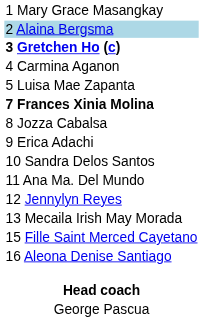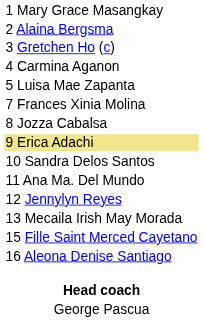 <table style="text-align: center; margin-top: 2em; margin-left: auto; margin-right: auto">
 <tr align=left>
 <td>1 Mary Grace Masangkay</td>
 </tr>
 <tr align=left>
-<td style="background: lightblue;">2 <a href='#'>Alaina Bergsma</a> </td>
+<td>2 <a href='#'>Alaina Bergsma</a> </td>
 </tr>
 <tr align=left>
-<td><strong>3 <a href='#'>Gretchen Ho</a> (<a href='#'>c</a>)</strong></td>
+<td>3 <a href='#'>Gretchen Ho</a> (<a href='#'>c</a>)</td>
 </tr>
 <tr align=left>
 <td>4 Carmina Aganon</td>
 </tr>
 <tr align=left>
 <td>5 Luisa Mae Zapanta</td>
 </tr>
 <tr align=left>
-<td><strong>7 Frances Xinia Molina</strong></td>
+<td>7 Frances Xinia Molina</td>
 </tr>
 <tr align=left>
 <td>8 Jozza Cabalsa</td>
 </tr>
 <tr align=left>
-<td>9 Erica Adachi </td>
+<td style="background: khaki;">9 Erica Adachi </td>
 </tr>
 <tr align=left>
 <td>10 Sandra Delos Santos</td>
 </tr>
 <tr align=left>
 <td>11 Ana Ma. Del Mundo</td>
 </tr>
 <tr align=left>
 <td>12 <a href='#'>Jennylyn Reyes</a></td>
 </tr>
 <tr align=left>
 <td>13 Mecaila Irish May Morada</td>
 </tr>
 <tr align=left>
 <td>15 <a href='#'>Fille Saint Merced Cayetano</a></td>
 </tr>
 <tr align=left>
 <td>16 <a href='#'>Aleona Denise Santiago</a></td>
 </tr>
 <tr>
 <td><br><strong>Head coach</strong></td>
 </tr>
 <tr>
 <td>George Pascua</td>
 </tr>
 </table>
